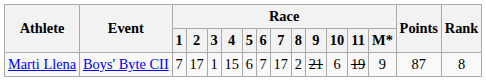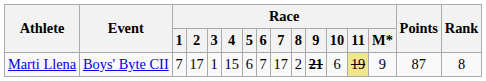 <table class="wikitable" border="1" style="font-size:90%">
 <tr>
 <th rowspan=2>Athlete</th>
 <th rowspan=2>Event</th>
 <th colspan=12>Race</th>
 <th rowspan=2>Points</th>
 <th rowspan=2>Rank</th>
 </tr>
 <tr>
 <th>1</th>
 <th>2</th>
 <th>3</th>
 <th>4</th>
 <th>5</th>
 <th>6</th>
 <th>7</th>
 <th>8</th>
 <th>9</th>
 <th>10</th>
 <th>11</th>
 <th>M*</th>
 </tr>
 <tr>
 <td><a href='#'>Marti Llena</a></td>
 <td><a href='#'>Boys' Byte CII</a></td>
 <td align=center>7</td>
 <td align=center>17</td>
 <td align=center>1</td>
 <td align=center>15</td>
 <td align=center>6</td>
 <td align=center>7</td>
 <td align=center>17</td>
 <td align=center>2</td>
-<td align=center><s>21</s></td>
+<td align=center><strong><s>21</s></strong></td>
 <td align=center>6</td>
-<td align=center><s>19</s></td>
+<td align=center style="background: khaki;"><s>19</s></td>
 <td align=center>9</td>
 <td align=center>87</td>
 <td align=center>8</td>
 </tr>
 </table>
